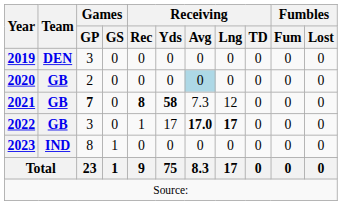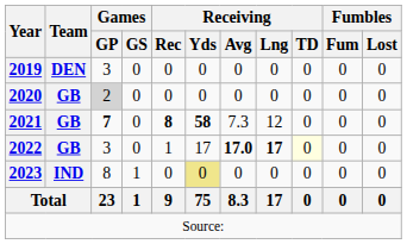 <table class="wikitable" style="text-align:center;">
 <tr>
 <th rowspan="2">Year</th>
 <th rowspan="2">Team</th>
 <th colspan="2">Games</th>
 <th colspan="5">Receiving</th>
 <th colspan="2">Fumbles</th>
 </tr>
 <tr>
 <th>GP</th>
 <th>GS</th>
 <th>Rec</th>
 <th>Yds</th>
 <th>Avg</th>
 <th>Lng</th>
 <th>TD</th>
 <th>Fum</th>
 <th>Lost</th>
 </tr>
 <tr>
 <th><a href='#'>2019</a></th>
 <th><a href='#'>DEN</a></th>
 <td>3</td>
 <td>0</td>
 <td>0</td>
 <td>0</td>
 <td>0</td>
 <td>0</td>
 <td>0</td>
 <td>0</td>
 <td>0</td>
 </tr>
 <tr>
 <th><a href='#'>2020</a></th>
 <th><a href='#'>GB</a></th>
-<td>2</td>
+<td style="background: lightgrey;">2</td>
 <td>0</td>
 <td>0</td>
 <td>0</td>
-<td style="background: lightblue;">0</td>
+<td>0</td>
 <td>0</td>
 <td>0</td>
 <td>0</td>
 <td>0</td>
 </tr>
 <tr>
 <th><a href='#'>2021</a></th>
 <th><a href='#'>GB</a></th>
 <td><strong>7</strong></td>
 <td>0</td>
 <td><strong>8</strong></td>
 <td><strong>58</strong></td>
 <td>7.3</td>
 <td>12</td>
 <td>0</td>
 <td>0</td>
 <td>0</td>
 </tr>
 <tr>
 <th><a href='#'>2022</a></th>
 <th><a href='#'>GB</a></th>
 <td>3</td>
 <td>0</td>
 <td>1</td>
 <td>17</td>
 <td><strong>17.0</strong></td>
 <td><strong>17</strong></td>
-<td>0</td>
+<td style="background: lightyellow;">0</td>
 <td>0</td>
 <td>0</td>
 </tr>
 <tr>
 <th><a href='#'>2023</a></th>
 <th><a href='#'>IND</a></th>
 <td>8</td>
 <td>1</td>
 <td>0</td>
-<td>0</td>
+<td style="background: khaki;">0</td>
 <td>0</td>
 <td>0</td>
 <td>0</td>
 <td>0</td>
 <td>0</td>
 </tr>
 <tr>
 <th colspan="2">Total</th>
 <th>23</th>
 <th>1</th>
 <th>9</th>
 <th>75</th>
 <th>8.3</th>
 <th>17</th>
 <th>0</th>
 <th>0</th>
 <th>0</th>
 </tr>
 <tr>
 <td colspan="11"><small>Source: </small></td>
 </tr>
 </table>
